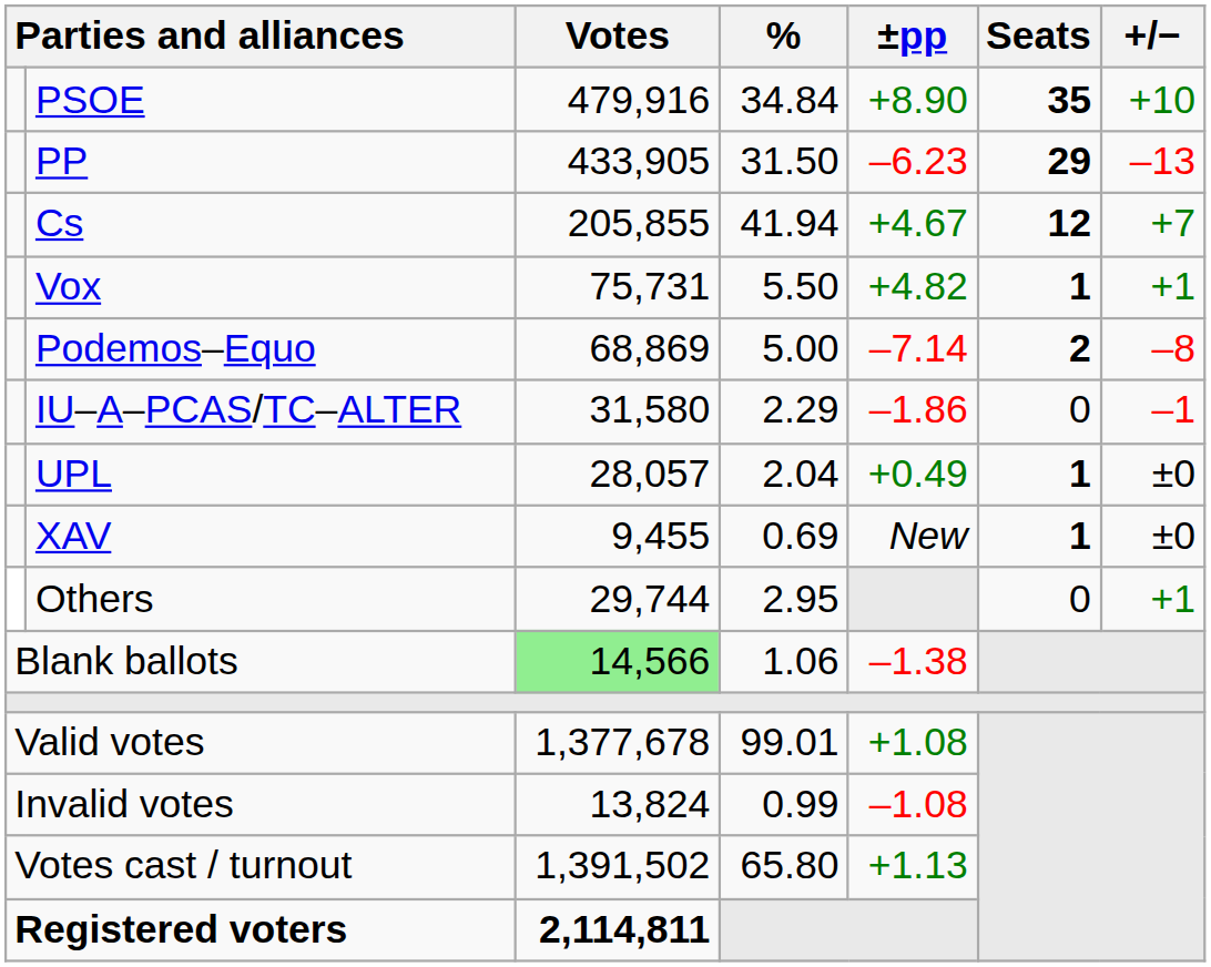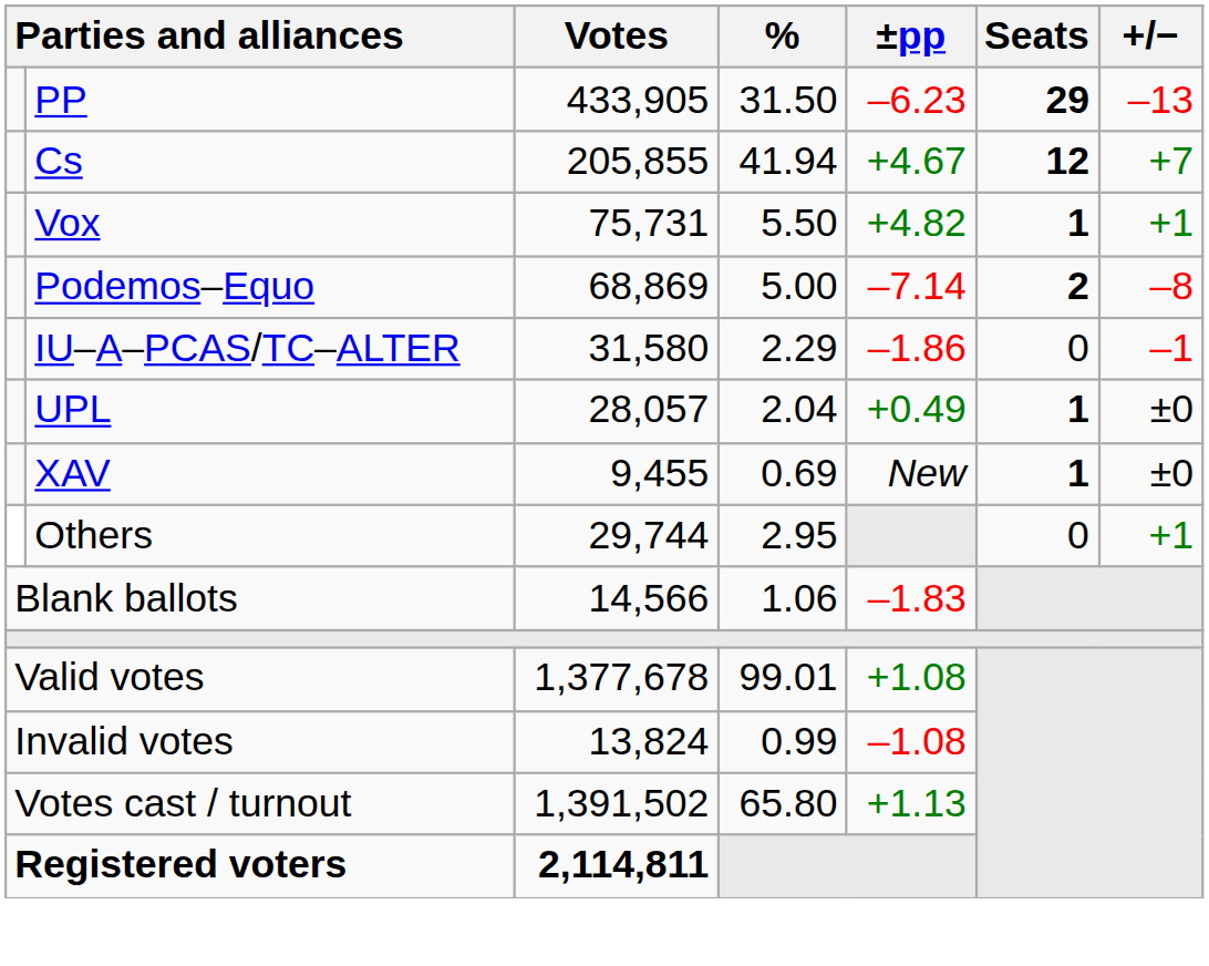 <table class="wikitable" style="text-align:right;">
 <tr>
 <th style="text-align:left;" colspan="2" width="200">Parties and alliances</th>
 <th width="75">Votes</th>
 <th width="45">%</th>
 <th width="45">±<a href='#'>pp</a></th>
 <th width="35">Seats</th>
 <th width="35">+/−</th>
-</tr>
-<tr>
-<td width="1" style="color:inherit;background:"></td>
-<td align="left"><a href='#'>PSOE</a></td>
-<td>479,916</td>
-<td>34.84</td>
-<td style="color:green;">+8.90</td>
-<td><strong>35</strong></td>
-<td style="color:green;">+10</td>
 </tr>
 <tr>
 <td style="color:inherit;background:"></td>
 <td align="left"><a href='#'>PP</a></td>
 <td>433,905</td>
 <td>31.50</td>
 <td style="color:red;">–6.23</td>
 <td><strong>29</strong></td>
 <td style="color:red;">–13</td>
 </tr>
 <tr>
 <td style="color:inherit;background:"></td>
 <td align="left"><a href='#'>Cs</a></td>
 <td>205,855</td>
 <td>41.94</td>
 <td style="color:green;">+4.67</td>
 <td><strong>12</strong></td>
 <td style="color:green;">+7</td>
 </tr>
 <tr>
 <td style="color:inherit;background:"></td>
 <td align="left"><a href='#'>Vox</a></td>
 <td>75,731</td>
 <td>5.50</td>
 <td style="color:green;">+4.82</td>
 <td><strong>1</strong></td>
 <td style="color:green;">+1</td>
 </tr>
 <tr>
 <td style="color:inherit;background:"></td>
 <td align="left"><a href='#'>Podemos</a>–<a href='#'>Equo</a></td>
 <td>68,869</td>
 <td>5.00</td>
 <td style="color:red;">–7.14</td>
 <td><strong>2</strong></td>
 <td style="color:red;">–8</td>
 </tr>
 <tr>
 <td style="color:inherit;background:"></td>
 <td align="left"><a href='#'>IU</a>–<a href='#'>A</a>–<a href='#'>PCAS</a>/<a href='#'>TC</a>–<a href='#'>ALTER</a></td>
 <td>31,580</td>
 <td>2.29</td>
 <td style="color:red;">–1.86</td>
 <td>0</td>
 <td style="color:red;">–1</td>
 </tr>
 <tr>
 <td style="color:inherit;background:"></td>
 <td align="left"><a href='#'>UPL</a></td>
 <td>28,057</td>
 <td>2.04</td>
 <td style="color:green;">+0.49</td>
 <td><strong>1</strong></td>
 <td>±0</td>
 </tr>
 <tr>
 <td style="color:inherit;background:"></td>
 <td align="left"><a href='#'>XAV</a></td>
 <td>9,455</td>
 <td>0.69</td>
 <td><em>New</em></td>
 <td><strong>1</strong></td>
 <td>±0</td>
 </tr>
 <tr>
 <td bgcolor="white"></td>
 <td align="left">Others</td>
 <td>29,744</td>
 <td>2.95</td>
 <td bgcolor="#E9E9E9"></td>
 <td>0</td>
 <td style="color:green;">+1</td>
 </tr>
 <tr>
 <td align="left" colspan="2">Blank ballots</td>
-<td style="background: lightgreen;">14,566</td>
+<td>14,566</td>
 <td>1.06</td>
-<td style="color:red;">–1.38</td>
+<td style="color:red;">–1.83</td>
 <td bgcolor="#E9E9E9" colspan="2"></td>
 </tr>
 <tr>
 <td colspan="7" bgcolor="#E9E9E9"></td>
 </tr>
 <tr>
 <td align="left" colspan="2">Valid votes</td>
 <td>1,377,678</td>
 <td>99.01</td>
 <td style="color:green;">+1.08</td>
 <td bgcolor="#E9E9E9" colspan="2" rowspan="4"></td>
 </tr>
 <tr>
 <td align="left" colspan="2">Invalid votes</td>
 <td>13,824</td>
 <td>0.99</td>
 <td style="color:red;">–1.08</td>
 </tr>
 <tr>
 <td align="left" colspan="2">Votes cast / turnout</td>
 <td>1,391,502</td>
 <td>65.80</td>
 <td style="color:green;">+1.13</td>
 </tr>
 <tr style="font-weight:bold;">
 <td align="left" colspan="2">Registered voters</td>
 <td>2,114,811</td>
 <td bgcolor="#E9E9E9" colspan="2"></td>
 </tr>
 </table>
